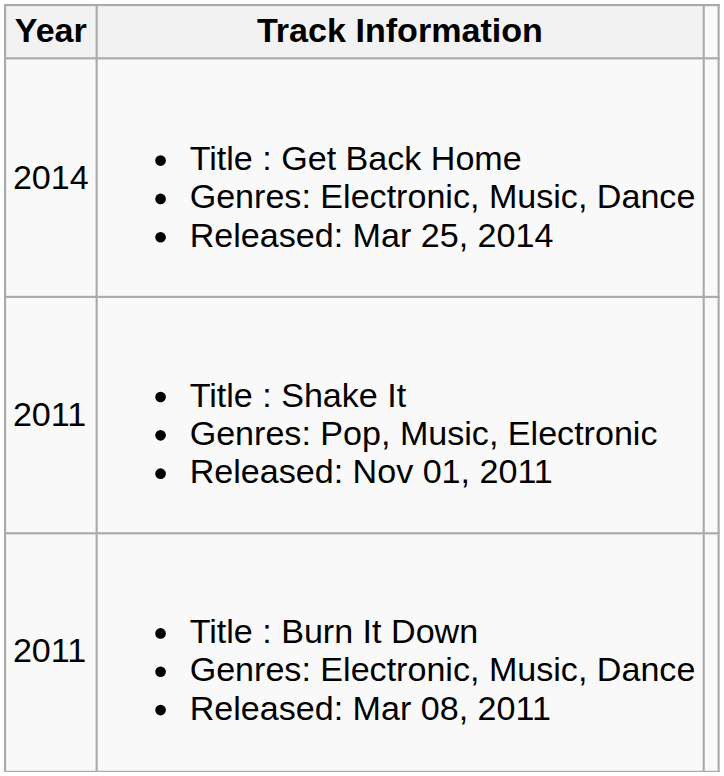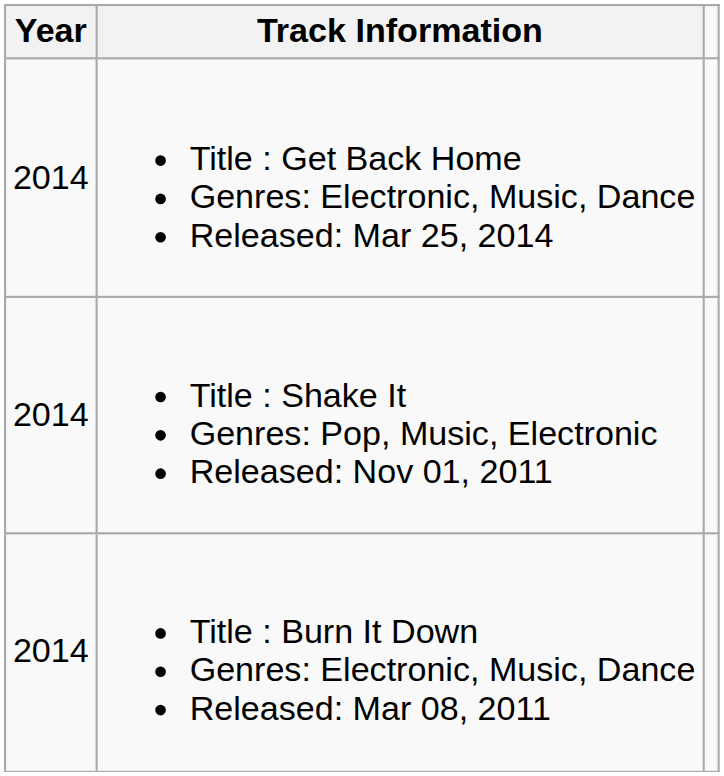 <table class="wikitable">
 <tr>
 <th>Year</th>
 <th>Track Information</th>
 </tr>
 <tr>
 <td>2014</td>
 <td><br><ul><li>Title : Get Back Home</li><li>Genres: Electronic, Music, Dance</li><li>Released: Mar 25, 2014</li></ul></td>
 <td></td>
 </tr>
 <tr>
-<td>2011</td>
+<td>2014</td>
 <td><br><ul><li>Title : Shake It</li><li>Genres: Pop, Music, Electronic</li><li>Released: Nov 01, 2011</li></ul></td>
 <td></td>
 </tr>
 <tr>
-<td>2011</td>
+<td>2014</td>
 <td><br><ul><li>Title : Burn It Down</li><li>Genres: Electronic, Music, Dance</li><li>Released: Mar 08, 2011</li></ul></td>
 </tr>
 </table>
